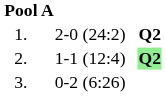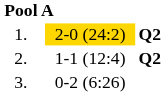 <table style="text-align:center">
 <tr>
 <td colspan=4 align=left><strong>Pool A</strong></td>
 </tr>
 <tr>
 <td width=30>1.</td>
 <td align=left></td>
-<td width=80>2-0 (24:2)</td>
+<td width=80 style="background: gold;">2-0 (24:2)</td>
 <td><strong>Q2</strong></td>
 </tr>
 <tr>
 <td>2.</td>
 <td align=left></td>
 <td>1-1 (12:4)</td>
-<td style="background: lightgreen;"><strong>Q2</strong></td>
+<td><strong>Q2</strong></td>
 </tr>
 <tr>
 <td>3.</td>
 <td align=left></td>
 <td>0-2 (6:26)</td>
 <td></td>
 </tr>
 </table>
